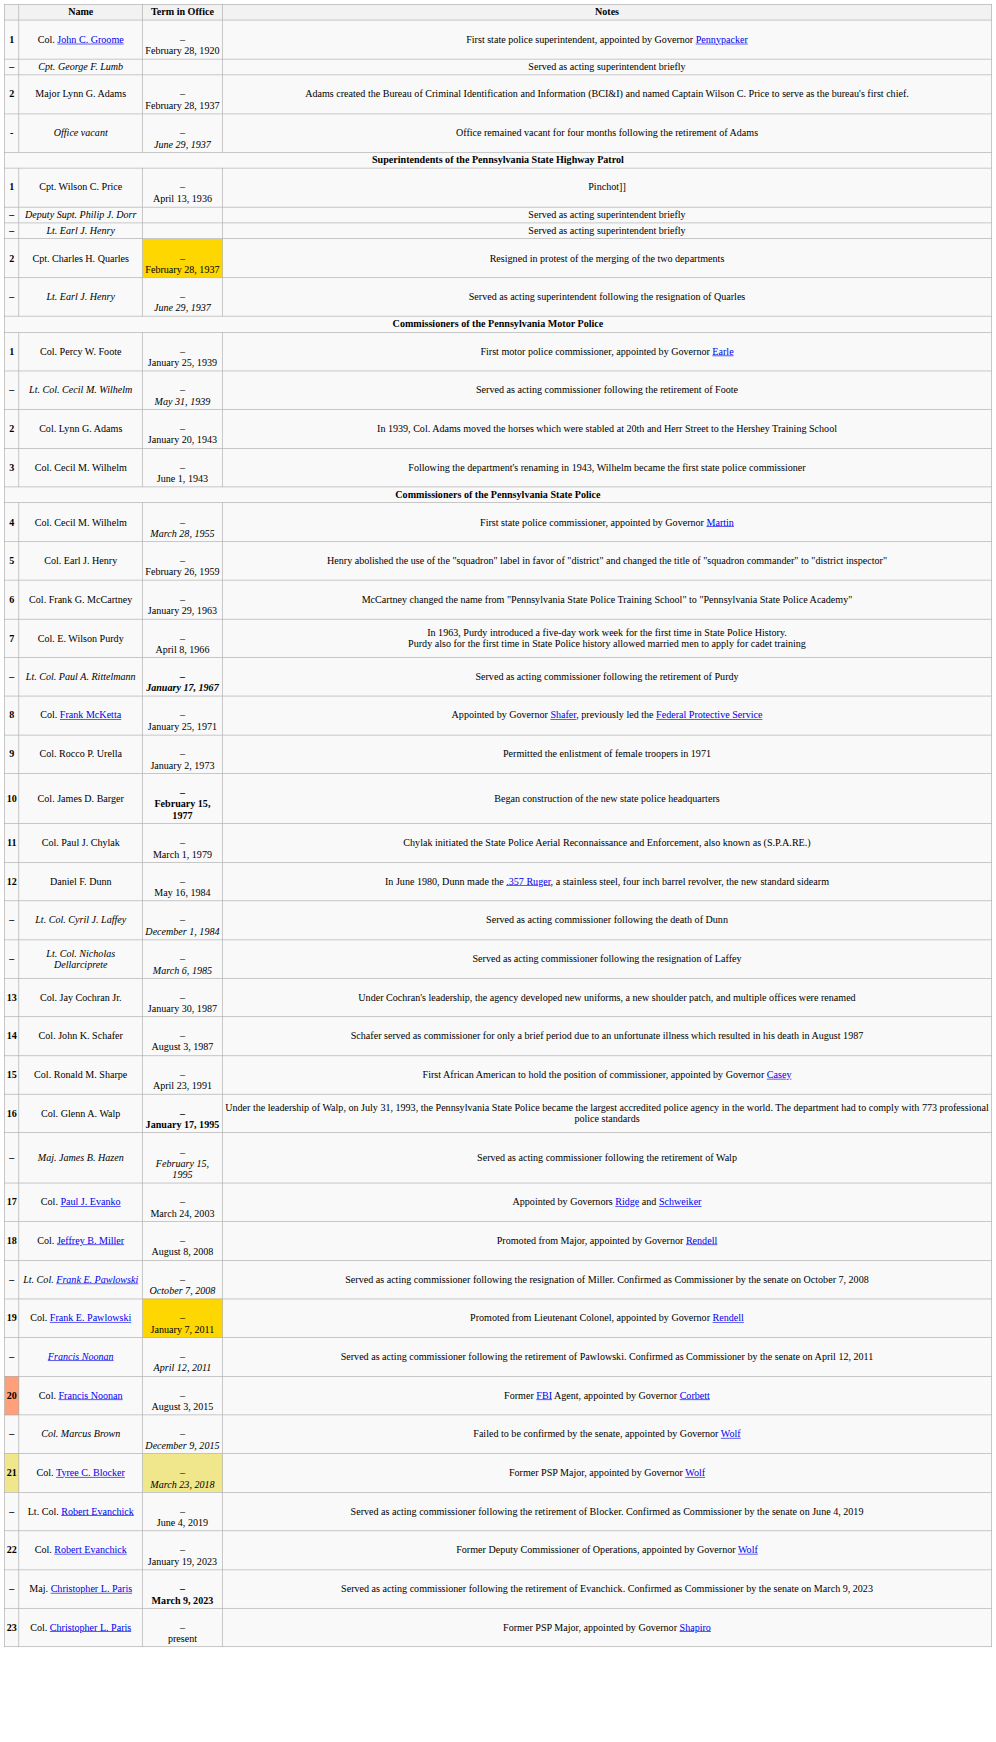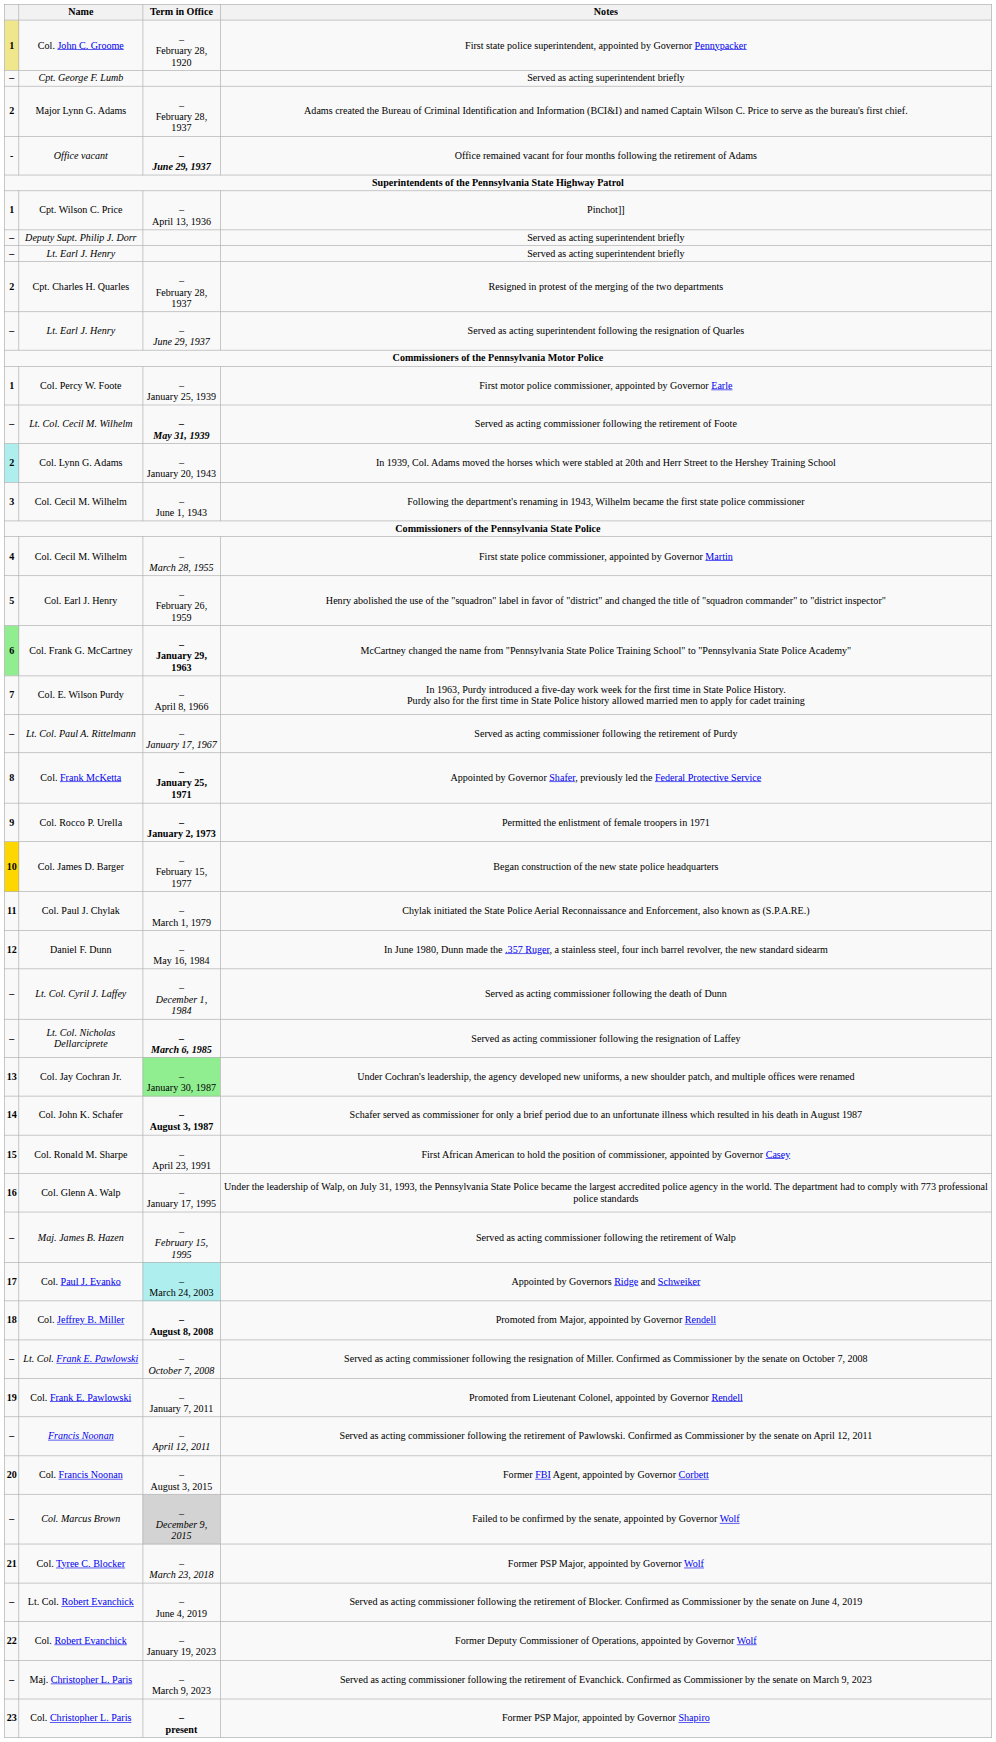 <table class="wikitable sortable" style="text-align:center">
 <tr>
 <th><strong></strong></th>
 <th>Name</th>
 <th>Term in Office</th>
 <th>Notes</th>
 </tr>
 <tr>
-<td><strong>1</strong></td>
+<td style="background: khaki;"><strong>1</strong></td>
 <td>Col. <a href='#'>John C. Groome</a></td>
 <td><br>–<br>February 28, 1920</td>
 <td>First state police superintendent, appointed by Governor <a href='#'>Pennypacker</a></td>
 </tr>
 <tr>
 <td><strong><em>–</em></strong></td>
 <td><em>Cpt. George F. Lumb</em></td>
 <td><em></em></td>
 <td>Served as acting superintendent briefly</td>
 </tr>
 <tr>
 <td><strong>2</strong></td>
 <td>Major Lynn G. Adams</td>
 <td><br>–<br>February 28, 1937</td>
 <td>Adams created the Bureau of Criminal Identification and Information (BCI&I) and named Captain Wilson C. Price to serve as the bureau's first chief.</td>
 </tr>
 <tr>
 <td><strong>-</strong></td>
 <td><em>Office vacant</em></td>
-<td><em></em><br><em>–</em><br><em>June 29, 1937</em></td>
+<td><strong><em></em><br><em>–</em><br><em>June 29, 1937</em></strong></td>
 <td>Office remained vacant for four months following the retirement of Adams</td>
 </tr>
 <tr>
 <td colspan="4"><strong>Superintendents of the Pennsylvania State Highway Patrol</strong></td>
 </tr>
 <tr>
 <td><strong>1</strong></td>
 <td>Cpt. Wilson C. Price</td>
 <td><br>–<br>April 13, 1936</td>
 <td First highway patrol superord Pinchot>Pinchot]]</td>
 </tr>
 <tr>
 <td><strong><em>–</em></strong></td>
 <td><em>Deputy Supt. Philip J. Dorr</em></td>
 <td><em></em></td>
 <td>Served as acting superintendent briefly</td>
 </tr>
 <tr>
 <td><strong><em>–</em></strong></td>
 <td><em>Lt. Earl J. Henry</em></td>
 <td><em></em></td>
 <td>Served as acting superintendent briefly</td>
 </tr>
 <tr>
 <td><strong>2</strong></td>
 <td>Cpt. Charles H. Quarles</td>
-<td style="background: gold;"><br>–<br>February 28, 1937</td>
+<td><br>–<br>February 28, 1937</td>
 <td>Resigned in protest of the merging of the two departments</td>
 </tr>
 <tr>
 <td><strong><em>–</em></strong></td>
 <td><em>Lt. Earl J. Henry</em></td>
 <td><em></em><br><em>–</em><br><em>June 29, 1937</em></td>
 <td>Served as acting superintendent following the resignation of Quarles</td>
 </tr>
 <tr>
 <td colspan="4"><strong>Commissioners of the Pennsylvania Motor Police</strong></td>
 </tr>
 <tr>
 <td><strong>1</strong></td>
 <td>Col. Percy W. Foote</td>
 <td><br>–<br>January 25, 1939</td>
 <td>First motor police commissioner, appointed by Governor <a href='#'>Earle</a></td>
 </tr>
 <tr>
 <td><strong><em>–</em></strong></td>
 <td><em>Lt. Col. Cecil M. Wilhelm</em></td>
-<td><em></em><br><em>–</em><br><em>May 31, 1939</em></td>
+<td><strong><em></em><br><em>–</em><br><em>May 31, 1939</em></strong></td>
 <td>Served as acting commissioner following the retirement of Foote</td>
 </tr>
 <tr>
-<td><strong>2</strong></td>
+<td style="background: paleturquoise;"><strong>2</strong></td>
 <td>Col. Lynn G. Adams</td>
 <td><br>–<br>January 20, 1943</td>
 <td>In 1939, Col. Adams moved the horses which were stabled at 20th and Herr Street to the Hershey Training School</td>
 </tr>
 <tr>
 <td><strong>3</strong></td>
 <td>Col. Cecil M. Wilhelm</td>
 <td><br>–<br>June 1, 1943</td>
 <td>Following the department's renaming in 1943, Wilhelm became the first state police commissioner</td>
 </tr>
 <tr>
 <td colspan="4"><strong>Commissioners of the Pennsylvania State Police</strong></td>
 </tr>
 <tr>
 <td><strong>4</strong></td>
 <td>Col. Cecil M. Wilhelm</td>
 <td><em></em><br><em>–</em><br><em>March 28, 1955</em></td>
 <td>First state police commissioner, appointed by Governor <a href='#'>Martin</a></td>
 </tr>
 <tr>
 <td><strong>5</strong></td>
 <td>Col. Earl J. Henry</td>
 <td><br>–<br>February 26, 1959</td>
 <td>Henry abolished the use of the "squadron" label in favor of "district" and changed the title of "squadron commander" to "district inspector"</td>
 </tr>
 <tr>
-<td><strong>6</strong></td>
+<td style="background: lightgreen;"><strong>6</strong></td>
 <td>Col. Frank G. McCartney</td>
-<td><br>–<br>January 29, 1963</td>
+<td><strong><br>–<br>January 29, 1963</strong></td>
 <td>McCartney changed the name from "Pennsylvania State Police Training School" to "Pennsylvania State Police Academy"</td>
 </tr>
 <tr>
 <td><strong>7</strong></td>
 <td>Col. E. Wilson Purdy</td>
 <td><br>–<br>April 8, 1966</td>
 <td>In 1963, Purdy introduced a five-day work week for the first time in State Police History.<br>Purdy also for the first time in State Police history allowed married men to apply for cadet training</td>
 </tr>
 <tr>
 <td><strong><em>–</em></strong></td>
 <td><em>Lt. Col. Paul A. Rittelmann</em></td>
-<td><strong><em></em><br><em>–</em><br><em>January 17, 1967</em></strong></td>
+<td><em></em><br><em>–</em><br><em>January 17, 1967</em></td>
 <td>Served as acting commissioner following the retirement of Purdy</td>
 </tr>
 <tr>
 <td><strong>8</strong></td>
 <td>Col. <a href='#'>Frank McKetta</a></td>
-<td><br>–<br>January 25, 1971</td>
+<td><strong><br>–<br>January 25, 1971</strong></td>
 <td>Appointed by Governor <a href='#'>Shafer</a>, previously led the <a href='#'>Federal Protective Service</a></td>
 </tr>
 <tr>
 <td><strong>9</strong></td>
 <td>Col. Rocco P. Urella</td>
-<td><br>–<br>January 2, 1973</td>
+<td><strong><br>–<br>January 2, 1973</strong></td>
 <td>Permitted the enlistment of female troopers in 1971</td>
 </tr>
 <tr>
-<td><strong>10</strong></td>
+<td style="background: gold;"><strong>10</strong></td>
 <td>Col. James D. Barger</td>
-<td><strong><br>–<br>February 15, 1977</strong></td>
+<td><br>–<br>February 15, 1977</td>
 <td>Began construction of the new state police headquarters</td>
 </tr>
 <tr>
 <td><strong>11</strong></td>
 <td>Col. Paul J. Chylak</td>
 <td><br>–<br>March 1, 1979</td>
 <td>Chylak initiated the State Police Aerial Reconnaissance and Enforcement, also known as (S.P.A.RE.)</td>
 </tr>
 <tr>
 <td><strong>12</strong></td>
 <td>Daniel F. Dunn</td>
 <td><br>–<br>May 16, 1984</td>
 <td>In June 1980, Dunn made the <a href='#'>.357 Ruger</a>, a stainless steel, four inch barrel revolver, the new standard sidearm</td>
 </tr>
 <tr>
 <td><strong><em>–</em></strong></td>
 <td><em>Lt. Col. Cyril J. Laffey</em></td>
 <td><em></em><br><em>–</em><br><em>December 1, 1984</em></td>
 <td>Served as acting commissioner following the death of Dunn</td>
 </tr>
 <tr>
 <td><strong><em>–</em></strong></td>
 <td><em>Lt. Col. Nicholas Dellarciprete</em></td>
-<td><em></em><br><em>–</em><br><em>March 6, 1985</em></td>
+<td><strong><em></em><br><em>–</em><br><em>March 6, 1985</em></strong></td>
 <td>Served as acting commissioner following the resignation of Laffey</td>
 </tr>
 <tr>
 <td><strong>13</strong></td>
 <td>Col. Jay Cochran Jr.</td>
-<td><br>–<br>January 30, 1987</td>
+<td style="background: lightgreen;"><br>–<br>January 30, 1987</td>
 <td>Under Cochran's leadership, the agency developed new uniforms, a new shoulder patch, and multiple offices were renamed</td>
 </tr>
 <tr>
 <td><strong>14</strong></td>
 <td>Col. John K. Schafer</td>
-<td><br>–<br>August 3, 1987</td>
+<td><strong><br>–<br>August 3, 1987</strong></td>
 <td>Schafer served as commissioner for only a brief period due to an unfortunate illness which resulted in his death in August 1987</td>
 </tr>
 <tr>
 <td><strong>15</strong></td>
 <td>Col. Ronald M. Sharpe</td>
 <td><br>–<br>April 23, 1991</td>
 <td>First African American to hold the position of commissioner, appointed by Governor <a href='#'>Casey</a></td>
 </tr>
 <tr>
 <td><strong>16</strong></td>
 <td>Col. Glenn A. Walp</td>
-<td><strong><br>–<br>January 17, 1995</strong></td>
+<td><br>–<br>January 17, 1995</td>
 <td>Under the leadership of Walp, on July 31, 1993, the Pennsylvania State Police became the largest accredited police agency in the world. The department had to comply with 773 professional police standards</td>
 </tr>
 <tr>
 <td><strong><em>–</em></strong></td>
 <td><em>Maj. James B. Hazen</em></td>
 <td><em></em><br><em>–</em><br><em>February 15, 1995</em></td>
 <td>Served as acting commissioner following the retirement of Walp</td>
 </tr>
 <tr>
 <td><strong>17</strong></td>
 <td>Col. <a href='#'>Paul J. Evanko</a></td>
-<td><br>–<br>March 24, 2003</td>
+<td style="background: paleturquoise;"><br>–<br>March 24, 2003</td>
 <td>Appointed by Governors <a href='#'>Ridge</a> and <a href='#'>Schweiker</a></td>
 </tr>
 <tr>
 <td><strong>18</strong></td>
 <td>Col. <a href='#'>Jeffrey B. Miller</a></td>
-<td><br>–<br>August 8, 2008</td>
+<td><strong><br>–<br>August 8, 2008</strong></td>
 <td>Promoted from Major, appointed by Governor <a href='#'>Rendell</a></td>
 </tr>
 <tr>
 <td><strong><em>–</em></strong></td>
 <td><em>Lt. Col. <a href='#'>Frank E. Pawlowski</a></em></td>
 <td><em></em><br><em>–</em><br><em>October 7, 2008</em></td>
 <td>Served as acting commissioner following the resignation of Miller. Confirmed as Commissioner by the senate on October 7, 2008<em></em></td>
 </tr>
 <tr>
 <td><strong>19</strong></td>
 <td>Col. <a href='#'>Frank E. Pawlowski</a></td>
-<td style="background: gold;"><br>–<br>January 7, 2011</td>
+<td><br>–<br>January 7, 2011</td>
 <td>Promoted from Lieutenant Colonel, appointed by Governor <a href='#'>Rendell</a></td>
 </tr>
 <tr>
 <td><strong><em>–</em></strong></td>
 <td><em><a href='#'>Francis Noonan</a></em></td>
 <td><em></em><br><em>–</em><br><em>April 12, 2011</em></td>
 <td>Served as acting commissioner following the retirement of Pawlowski. Confirmed as Commissioner by the senate on April 12, 2011</td>
 </tr>
 <tr>
-<td style="background: lightsalmon;"><strong>20</strong></td>
+<td><strong>20</strong></td>
 <td>Col. <a href='#'>Francis Noonan</a></td>
 <td><br>–<br>August 3, 2015</td>
 <td>Former <a href='#'>FBI</a> Agent, appointed by Governor <a href='#'>Corbett</a></td>
 </tr>
 <tr>
 <td><strong><em>–</em></strong></td>
 <td><em>Col. Marcus Brown</em></td>
-<td><em></em><br><em>–</em><br><em>December 9, 2015</em></td>
+<td style="background: lightgrey;"><em></em><br><em>–</em><br><em>December 9, 2015</em></td>
 <td>Failed to be confirmed by the senate, appointed by Governor <a href='#'>Wolf</a></td>
 </tr>
 <tr>
-<td style="background: khaki;"><strong>21</strong></td>
+<td><strong>21</strong></td>
 <td>Col. <a href='#'>Tyree C. Blocker</a></td>
-<td style="background: khaki;"><em><br>–<br>March 23, 2018</td>
+<td><em><br>–<br>March 23, 2018</td>
 <td>Former PSP Major, appointed by Governor <a href='#'>Wolf</a></td>
 </tr>
 <tr>
 <td><strong><em>–</em></strong></td>
 <td></em>Lt. Col. <a href='#'>Robert Evanchick</a><em></td>
 <td></em><em><br></em>–<em><br></em>June 4, 2019<em></td>
 <td>Served as acting commissioner following the retirement of Blocker. Confirmed as Commissioner by the senate on June 4, 2019</td>
 </tr>
 <tr>
 <td><strong>22</strong></td>
 <td>Col. <a href='#'>Robert Evanchick</a></td>
 <td><br>–<br>January 19, 2023</td>
 <td>Former Deputy Commissioner of Operations, appointed by Governor <a href='#'>Wolf</a></td>
 </tr>
 <tr>
 <td><strong><em>–</em></strong></td>
 <td></em>Maj. <a href='#'>Christopher L. Paris</a><em></td>
-<td><strong></em><em><br></em>–<em><br></em>March 9, 2023<em></strong></td>
+<td></em><em><br></em>–<em><br></em>March 9, 2023<em></td>
 <td>Served as acting commissioner following the retirement of Evanchick. Confirmed as Commissioner by the senate on March 9, 2023</td>
 </tr>
 <tr>
 <td><strong>23</strong></td>
 <td>Col. <a href='#'>Christopher L. Paris</a></td>
-<td><br>–<br>present</td>
+<td><strong><br>–<br>present</strong></td>
 <td>Former PSP Major, appointed by Governor <a href='#'>Shapiro</a></td>
 </tr>
 </table>
